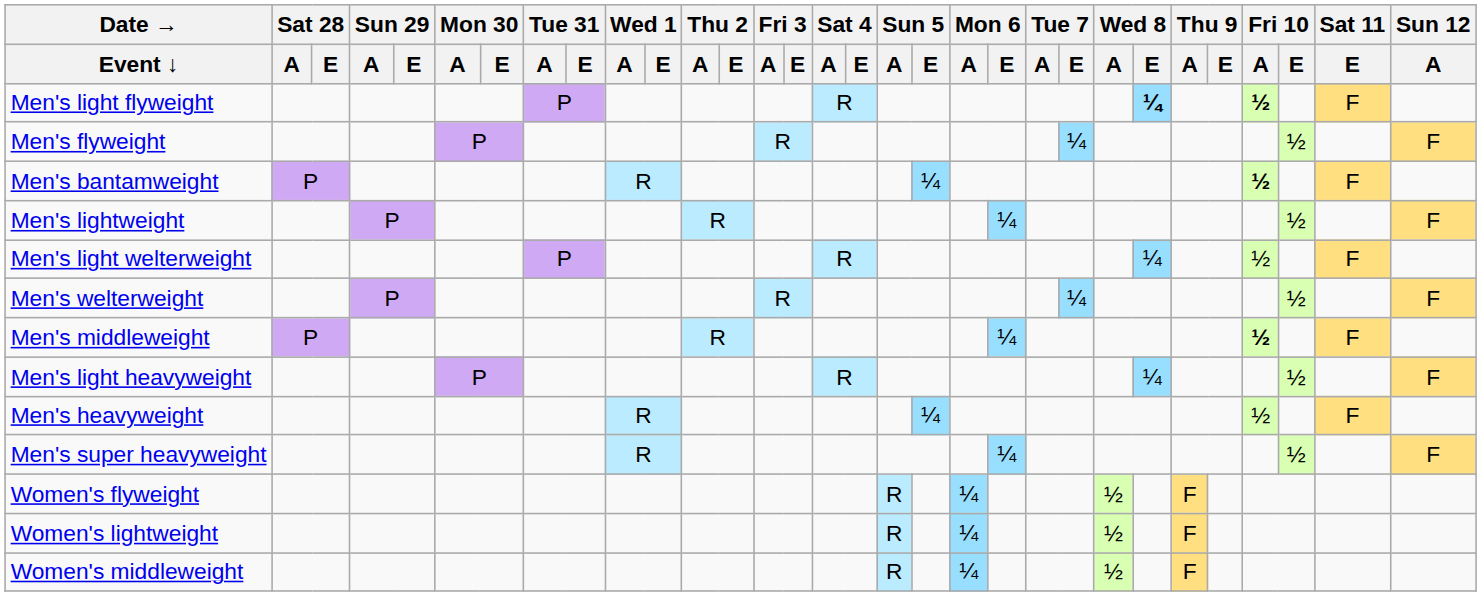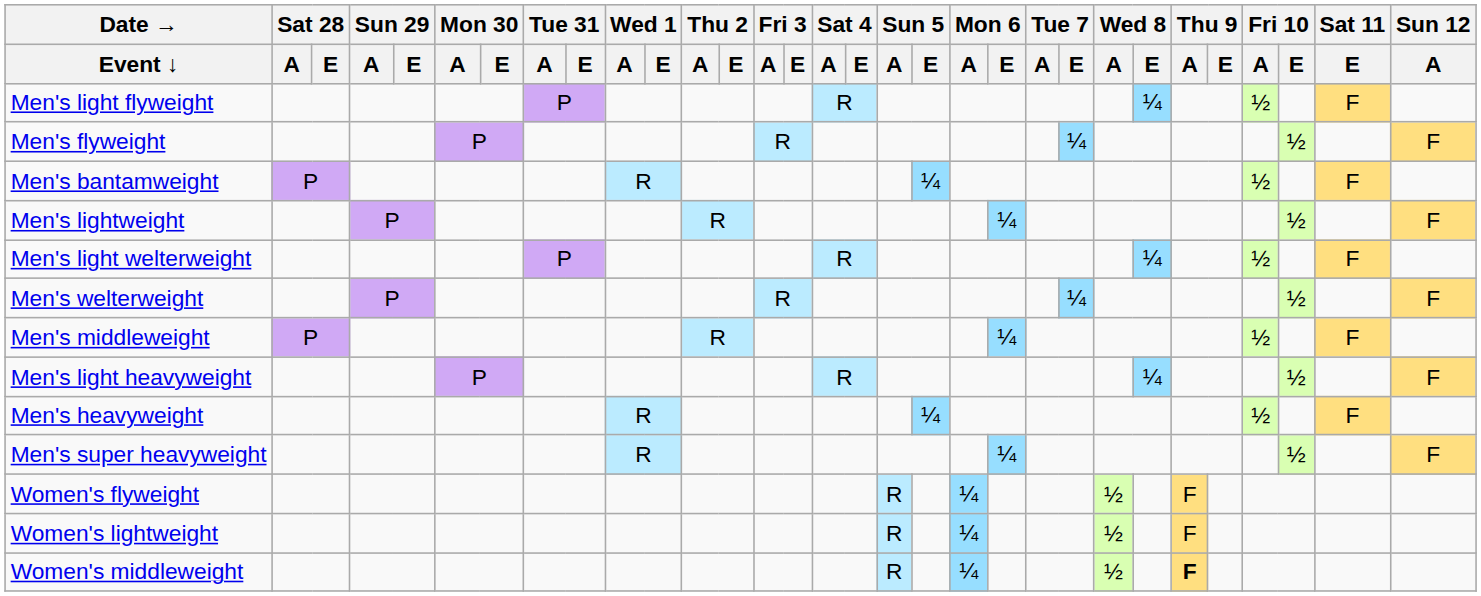 <table class="wikitable" style="margin:0.5em auto; font-size:90%; line-height:1.25em;">
 <tr style="text-align:center;">
 <th>Date →</th>
 <th colspan="2">Sat 28</th>
 <th colspan="2">Sun 29</th>
 <th colspan="2">Mon 30</th>
 <th colspan="2">Tue 31</th>
 <th colspan="2">Wed 1</th>
 <th colspan="2">Thu 2</th>
 <th colspan="2">Fri 3</th>
 <th colspan="2">Sat 4</th>
 <th colspan="2">Sun 5</th>
 <th colspan="2">Mon 6</th>
 <th colspan="2">Tue 7</th>
 <th colspan="2">Wed 8</th>
 <th colspan="2">Thu 9</th>
 <th colspan="2">Fri 10</th>
 <th>Sat 11</th>
 <th>Sun 12</th>
 </tr>
 <tr>
 <th>Event   ↓</th>
 <th>A</th>
 <th>E</th>
 <th>A</th>
 <th>E</th>
 <th>A</th>
 <th>E</th>
 <th>A</th>
 <th>E</th>
 <th>A</th>
 <th>E</th>
 <th>A</th>
 <th>E</th>
 <th>A</th>
 <th>E</th>
 <th>A</th>
 <th>E</th>
 <th>A</th>
 <th>E</th>
 <th>A</th>
 <th>E</th>
 <th>A</th>
 <th>E</th>
 <th>A</th>
 <th>E</th>
 <th>A</th>
 <th>E</th>
 <th>A</th>
 <th>E</th>
 <th>E</th>
 <th>A</th>
 </tr>
 <tr style="text-align:center;">
 <td style="text-align:left;"><a href='#'>Men's light flyweight</a></td>
 <td colspan="2"></td>
 <td colspan="2"></td>
 <td colspan="2"></td>
 <td colspan="2" style="background-color:#D0A9F5">P</td>
 <td colspan="2"></td>
 <td colspan="2"></td>
 <td colspan="2"></td>
 <td colspan="2" style="background-color:#BBEBFF">R</td>
 <td colspan="2"></td>
 <td colspan="2"></td>
 <td colspan="2"></td>
 <td></td>
-<td style="background-color:#97DEFF;"><strong>¼</strong></td>
+<td style="background-color:#97DEFF;">¼</td>
 <td colspan="2"></td>
-<td style="background-color:#D9FFB2;"><strong>½</strong></td>
+<td style="background-color:#D9FFB2;">½</td>
 <td></td>
 <td style="background-color:#FFDF80;">F</td>
 <td></td>
 </tr>
 <tr style="text-align:center;">
 <td style="text-align:left;"><a href='#'>Men's flyweight</a></td>
 <td colspan="2"></td>
 <td colspan="2"></td>
 <td colspan="2" style="background-color:#D0A9F5">P</td>
 <td colspan="2"></td>
 <td colspan="2"></td>
 <td colspan="2"></td>
 <td colspan="2" style="background-color:#BBEBFF">R</td>
 <td colspan="2"></td>
 <td colspan="2"></td>
 <td colspan="2"></td>
 <td></td>
 <td style="background-color:#97DEFF;">¼</td>
 <td colspan="2"></td>
 <td colspan="2"></td>
 <td></td>
 <td style="background-color:#D9FFB2;">½</td>
 <td></td>
 <td style="background-color:#FFDF80;">F</td>
 </tr>
 <tr style="text-align:center;">
 <td style="text-align:left;"><a href='#'>Men's bantamweight</a></td>
 <td colspan="2" style="background-color:#D0A9F5">P</td>
 <td colspan="2"></td>
 <td colspan="2"></td>
 <td colspan="2"></td>
 <td colspan="2" style="background-color:#BBEBFF">R</td>
 <td colspan="2"></td>
 <td colspan="2"></td>
 <td colspan="2"></td>
 <td></td>
 <td style="background-color:#97DEFF;">¼</td>
 <td colspan="2"></td>
 <td colspan="2"></td>
 <td colspan="2"></td>
 <td colspan="2"></td>
-<td style="background-color:#D9FFB2;"><strong>½</strong></td>
+<td style="background-color:#D9FFB2;">½</td>
 <td></td>
 <td style="background-color:#FFDF80;">F</td>
 <td></td>
 </tr>
 <tr style="text-align:center;">
 <td style="text-align:left;"><a href='#'>Men's lightweight</a></td>
 <td colspan="2"></td>
 <td colspan="2" style="background-color:#D0A9F5">P</td>
 <td colspan="2"></td>
 <td colspan="2"></td>
 <td colspan="2"></td>
 <td colspan="2" style="background-color:#BBEBFF">R</td>
 <td colspan="2"></td>
 <td colspan="2"></td>
 <td colspan="2"></td>
 <td></td>
 <td style="background-color:#97DEFF;">¼</td>
 <td colspan="2"></td>
 <td colspan="2"></td>
 <td colspan="2"></td>
 <td></td>
 <td style="background-color:#D9FFB2;">½</td>
 <td></td>
 <td style="background-color:#FFDF80;">F</td>
 </tr>
 <tr style="text-align:center;">
 <td style="text-align:left;"><a href='#'>Men's light welterweight</a></td>
 <td colspan="2"></td>
 <td colspan="2"></td>
 <td colspan="2"></td>
 <td colspan="2" style="background-color:#D0A9F5">P</td>
 <td colspan="2"></td>
 <td colspan="2"></td>
 <td colspan="2"></td>
 <td colspan="2" style="background-color:#BBEBFF">R</td>
 <td colspan="2"></td>
 <td colspan="2"></td>
 <td colspan="2"></td>
 <td></td>
 <td style="background-color:#97DEFF;">¼</td>
 <td colspan="2"></td>
 <td style="background-color:#D9FFB2;">½</td>
 <td></td>
 <td style="background-color:#FFDF80;">F</td>
 <td></td>
 </tr>
 <tr style="text-align:center;">
 <td style="text-align:left;"><a href='#'>Men's welterweight</a></td>
 <td colspan="2"></td>
 <td colspan="2" style="background-color:#D0A9F5">P</td>
 <td colspan="2"></td>
 <td colspan="2"></td>
 <td colspan="2"></td>
 <td colspan="2"></td>
 <td colspan="2" style="background-color:#BBEBFF">R</td>
 <td colspan="2"></td>
 <td colspan="2"></td>
 <td colspan="2"></td>
 <td></td>
 <td style="background-color:#97DEFF;">¼</td>
 <td colspan="2"></td>
 <td colspan="2"></td>
 <td></td>
 <td style="background-color:#D9FFB2;">½</td>
 <td></td>
 <td style="background-color:#FFDF80;">F</td>
 </tr>
 <tr style="text-align:center;">
 <td style="text-align:left;"><a href='#'>Men's middleweight</a></td>
 <td colspan="2" style="background-color:#D0A9F5">P</td>
 <td colspan="2"></td>
 <td colspan="2"></td>
 <td colspan="2"></td>
 <td colspan="2"></td>
 <td colspan="2" style="background-color:#BBEBFF">R</td>
 <td colspan="2"></td>
 <td colspan="2"></td>
 <td colspan="2"></td>
 <td></td>
 <td style="background-color:#97DEFF;">¼</td>
 <td colspan="2"></td>
 <td colspan="2"></td>
 <td colspan="2"></td>
-<td style="background-color:#D9FFB2;"><strong>½</strong></td>
+<td style="background-color:#D9FFB2;">½</td>
 <td></td>
 <td style="background-color:#FFDF80;">F</td>
 <td></td>
 </tr>
 <tr style="text-align:center;">
 <td style="text-align:left;"><a href='#'>Men's light heavyweight</a></td>
 <td colspan="2"></td>
 <td colspan="2"></td>
 <td colspan="2" style="background-color:#D0A9F5">P</td>
 <td colspan="2"></td>
 <td colspan="2"></td>
 <td colspan="2"></td>
 <td colspan="2"></td>
 <td colspan="2" style="background-color:#BBEBFF">R</td>
 <td colspan="2"></td>
 <td colspan="2"></td>
 <td colspan="2"></td>
 <td></td>
 <td style="background-color:#97DEFF;">¼</td>
 <td colspan="2"></td>
 <td></td>
 <td style="background-color:#D9FFB2;">½</td>
 <td></td>
 <td style="background-color:#FFDF80;">F</td>
 </tr>
 <tr style="text-align:center;">
 <td style="text-align:left;"><a href='#'>Men's heavyweight</a></td>
 <td colspan="2"></td>
 <td colspan="2"></td>
 <td colspan="2"></td>
 <td colspan="2"></td>
 <td colspan="2" style="background-color:#BBEBFF">R</td>
 <td colspan="2"></td>
 <td colspan="2"></td>
 <td colspan="2"></td>
 <td></td>
 <td style="background-color:#97DEFF;">¼</td>
 <td colspan="2"></td>
 <td colspan="2"></td>
 <td colspan="2"></td>
 <td colspan="2"></td>
 <td style="background-color:#D9FFB2;">½</td>
 <td></td>
 <td style="background-color:#FFDF80;">F</td>
 <td></td>
 </tr>
 <tr style="text-align:center;">
 <td style="text-align:left;"><a href='#'>Men's super heavyweight</a></td>
 <td colspan="2"></td>
 <td colspan="2"></td>
 <td colspan="2"></td>
 <td colspan="2"></td>
 <td colspan="2" style="background-color:#BBEBFF">R</td>
 <td colspan="2"></td>
 <td colspan="2"></td>
 <td colspan="2"></td>
 <td colspan="2"></td>
 <td></td>
 <td style="background-color:#97DEFF;">¼</td>
 <td colspan="2"></td>
 <td colspan="2"></td>
 <td colspan="2"></td>
 <td></td>
 <td style="background-color:#D9FFB2;">½</td>
 <td></td>
 <td style="background-color:#FFDF80;">F</td>
 </tr>
 <tr style="text-align:center;">
 <td style="text-align:left;"><a href='#'>Women's flyweight</a></td>
 <td colspan="2"></td>
 <td colspan="2"></td>
 <td colspan="2"></td>
 <td colspan="2"></td>
 <td colspan="2"></td>
 <td colspan="2"></td>
 <td colspan="2"></td>
 <td colspan="2"></td>
 <td style="background-color:#BBEBFF;">R</td>
 <td></td>
 <td style="background-color:#97DEFF;">¼</td>
 <td></td>
 <td colspan="2"></td>
 <td style="background-color:#D9FFB2;">½</td>
 <td></td>
 <td style="background-color:#FFDF80;">F</td>
 <td></td>
 <td colspan="2"></td>
 <td></td>
 <td></td>
 </tr>
 <tr style="text-align:center;">
 <td style="text-align:left;"><a href='#'>Women's lightweight</a></td>
 <td colspan="2"></td>
 <td colspan="2"></td>
 <td colspan="2"></td>
 <td colspan="2"></td>
 <td colspan="2"></td>
 <td colspan="2"></td>
 <td colspan="2"></td>
 <td colspan="2"></td>
 <td style="background-color:#BBEBFF;">R</td>
 <td></td>
 <td style="background-color:#97DEFF;">¼</td>
 <td></td>
 <td colspan="2"></td>
 <td style="background-color:#D9FFB2;">½</td>
 <td></td>
 <td style="background-color:#FFDF80;">F</td>
 <td></td>
 <td colspan="2"></td>
 <td></td>
 <td></td>
 </tr>
 <tr style="text-align:center;">
 <td style="text-align:left;"><a href='#'>Women's middleweight</a></td>
 <td colspan="2"></td>
 <td colspan="2"></td>
 <td colspan="2"></td>
 <td colspan="2"></td>
 <td colspan="2"></td>
 <td colspan="2"></td>
 <td colspan="2"></td>
 <td colspan="2"></td>
 <td style="background-color:#BBEBFF;">R</td>
 <td></td>
 <td style="background-color:#97DEFF;">¼</td>
 <td></td>
 <td colspan="2"></td>
 <td style="background-color:#D9FFB2;">½</td>
 <td></td>
-<td style="background-color:#FFDF80;">F</td>
+<td style="background-color:#FFDF80;"><strong>F</strong></td>
 <td></td>
 <td colspan="2"></td>
 <td></td>
 <td></td>
 </tr>
 </table>
